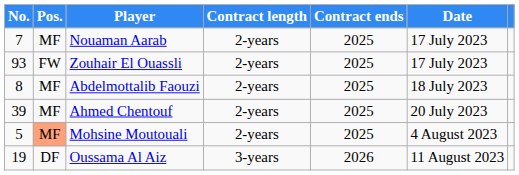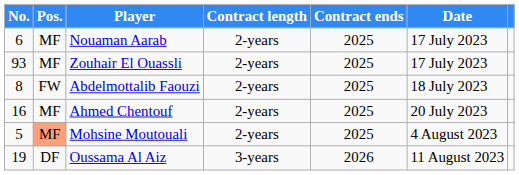 <table class= "wikitable plainrowheaders sortable">
 <tr>
 <th style="background:#3088f2; color:#ffffff; ">No.</th>
 <th style="background:#3088f2; color:#ffffff; ">Pos.</th>
 <th style="background:#3088f2; color:#ffffff; ">Player</th>
 <th style="background:#3088f2; color:#ffffff; ">Contract length</th>
 <th style="background:#3088f2; color:#ffffff; ">Contract ends</th>
 <th style="background:#3088f2; color:#ffffff; ">Date</th>
 <th style="background:#3088f2; color:#ffffff; "></th>
 </tr>
 <tr>
-<td style="text-align:center;">7</td>
+<td style="text-align:center;">6</td>
 <td style="text-align:center;">MF</td>
 <td> <a href='#'>Nouaman Aarab</a></td>
 <td style="text-align:center;">2-years</td>
 <td style="text-align:center;">2025</td>
 <td>17 July 2023</td>
 <td></td>
 </tr>
 <tr>
 <td style="text-align:center;">93</td>
-<td style="text-align:center;">FW</td>
+<td style="text-align:center;">MF</td>
 <td> <a href='#'>Zouhair El Ouassli</a></td>
 <td style="text-align:center;">2-years</td>
 <td style="text-align:center;">2025</td>
 <td>17 July 2023</td>
 <td></td>
 </tr>
 <tr>
 <td style="text-align:center;">8</td>
-<td style="text-align:center;">MF</td>
+<td style="text-align:center;">FW</td>
 <td> <a href='#'>Abdelmottalib Faouzi</a></td>
 <td style="text-align:center;">2-years</td>
 <td style="text-align:center;">2025</td>
 <td>18 July 2023</td>
 <td></td>
 </tr>
 <tr>
-<td style="text-align:center;">39</td>
+<td style="text-align:center;">16</td>
 <td style="text-align:center;">MF</td>
 <td> <a href='#'>Ahmed Chentouf</a></td>
 <td style="text-align:center;">2-years</td>
 <td style="text-align:center;">2025</td>
 <td>20 July 2023</td>
 <td></td>
 </tr>
 <tr>
 <td style="text-align:center;">5</td>
 <td style="background: lightsalmon; text-align:center;">MF</td>
 <td> <a href='#'>Mohsine Moutouali</a></td>
 <td style="text-align:center;">2-years</td>
 <td style="text-align:center;">2025</td>
 <td>4 August 2023</td>
 <td></td>
 </tr>
 <tr>
 <td style="text-align:center;">19</td>
 <td style="text-align:center;">DF</td>
 <td> <a href='#'>Oussama Al Aiz</a></td>
 <td style="text-align:center;">3-years</td>
 <td style="text-align:center;">2026</td>
 <td>11 August 2023</td>
 <td></td>
 </tr>
 </table>
